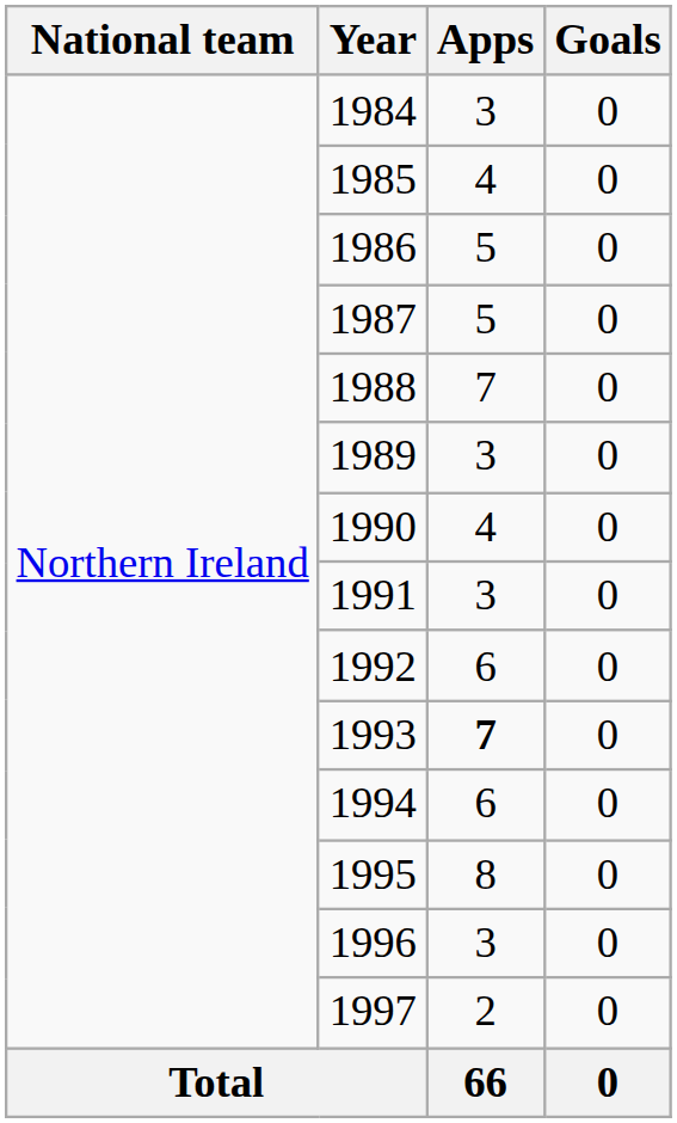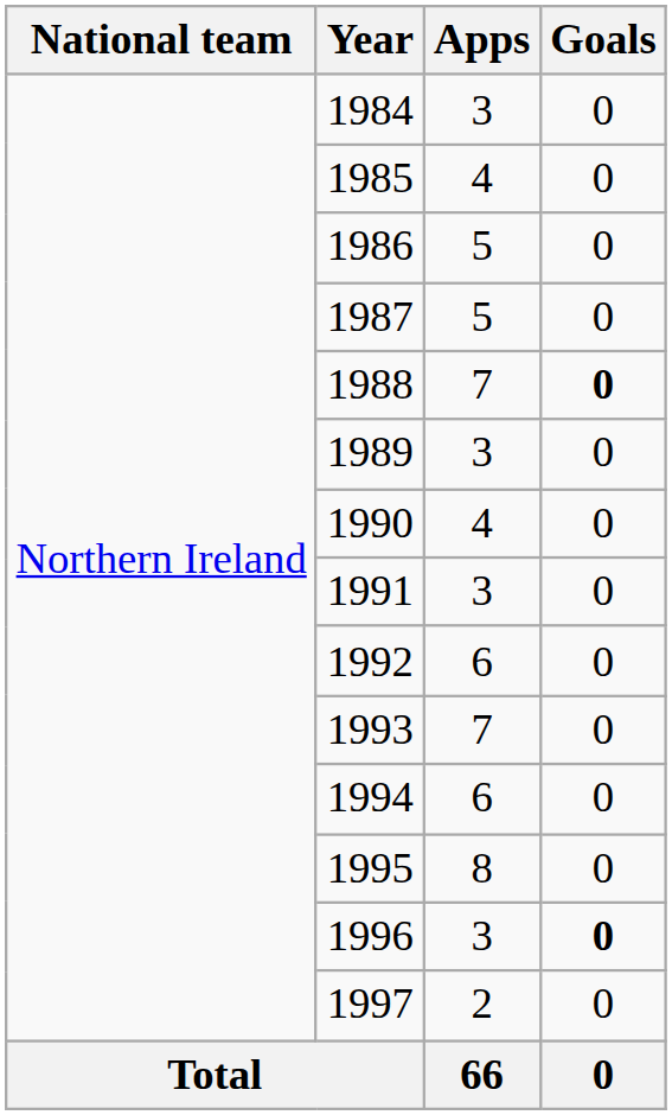 <table class=wikitable style="text-align: center;">
 <tr>
 <th>National team</th>
 <th>Year</th>
 <th>Apps</th>
 <th>Goals</th>
 </tr>
 <tr>
 <td rowspan=14><a href='#'>Northern Ireland</a></td>
 <td>1984</td>
 <td>3</td>
 <td>0</td>
 </tr>
 <tr>
 <td>1985</td>
 <td>4</td>
 <td>0</td>
 </tr>
 <tr>
 <td>1986</td>
 <td>5</td>
 <td>0</td>
 </tr>
 <tr>
 <td>1987</td>
 <td>5</td>
 <td>0</td>
 </tr>
 <tr>
 <td>1988</td>
 <td>7</td>
-<td>0</td>
+<td><strong>0</strong></td>
 </tr>
 <tr>
 <td>1989</td>
 <td>3</td>
 <td>0</td>
 </tr>
 <tr>
 <td>1990</td>
 <td>4</td>
 <td>0</td>
 </tr>
 <tr>
 <td>1991</td>
 <td>3</td>
 <td>0</td>
 </tr>
 <tr>
 <td>1992</td>
 <td>6</td>
 <td>0</td>
 </tr>
 <tr>
 <td>1993</td>
-<td><strong>7</strong></td>
+<td>7</td>
 <td>0</td>
 </tr>
 <tr>
 <td>1994</td>
 <td>6</td>
 <td>0</td>
 </tr>
 <tr>
 <td>1995</td>
 <td>8</td>
 <td>0</td>
 </tr>
 <tr>
 <td>1996</td>
 <td>3</td>
-<td>0</td>
+<td><strong>0</strong></td>
 </tr>
 <tr>
 <td>1997</td>
 <td>2</td>
 <td>0</td>
 </tr>
 <tr>
 <th colspan=2>Total</th>
 <th>66</th>
 <th>0</th>
 </tr>
 </table>
